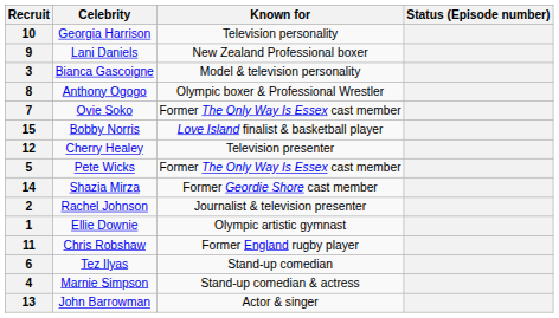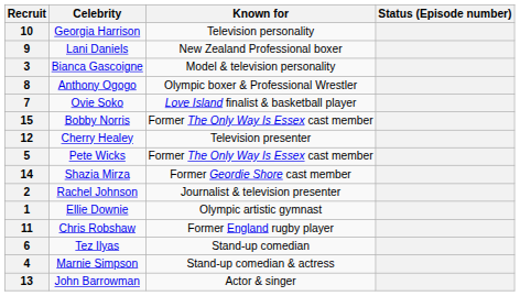 <table class="wikitable sortable" style="text-align:center;">
 <tr>
 <th>Recruit</th>
 <th>Celebrity</th>
 <th>Known for</th>
 <th>Status (Episode number)</th>
 </tr>
 <tr>
 <th>10</th>
 <td><a href='#'>Georgia Harrison</a></td>
 <td>Television personality</td>
 <th></th>
 </tr>
 <tr>
 <th>9</th>
 <td><a href='#'>Lani Daniels</a></td>
 <td>New Zealand Professional boxer</td>
 <th></th>
 </tr>
 <tr>
 <th>3</th>
 <td><a href='#'>Bianca Gascoigne</a></td>
 <td>Model & television personality</td>
 <th></th>
 </tr>
 <tr>
 <th>8</th>
 <td><a href='#'>Anthony Ogogo</a></td>
 <td>Olympic boxer & Professional Wrestler</td>
 <th></th>
 </tr>
 <tr>
 <th>7</th>
 <td><a href='#'>Ovie Soko</a></td>
-<td>Former <em><a href='#'>The Only Way Is Essex</a></em> cast member</td>
+<td><em><a href='#'>Love Island</a></em> finalist & basketball player</td>
 <th></th>
 </tr>
 <tr>
 <th>15</th>
 <td><a href='#'>Bobby Norris</a></td>
-<td><em><a href='#'>Love Island</a></em> finalist & basketball player</td>
+<td>Former <em><a href='#'>The Only Way Is Essex</a></em> cast member</td>
 <th></th>
 </tr>
 <tr>
 <th>12</th>
 <td><a href='#'>Cherry Healey</a></td>
 <td>Television presenter</td>
 <th></th>
 </tr>
 <tr>
 <th>5</th>
 <td><a href='#'>Pete Wicks</a></td>
 <td>Former <em><a href='#'>The Only Way Is Essex</a></em> cast member</td>
 <th></th>
 </tr>
 <tr>
 <th>14</th>
 <td><a href='#'>Shazia Mirza</a></td>
 <td>Former <em><a href='#'>Geordie Shore</a></em> cast member</td>
 <th></th>
 </tr>
 <tr>
 <th>2</th>
 <td><a href='#'>Rachel Johnson</a></td>
 <td>Journalist & television presenter</td>
 <th></th>
 </tr>
 <tr>
 <th>1</th>
 <td><a href='#'>Ellie Downie</a></td>
 <td>Olympic artistic gymnast</td>
 <th></th>
 </tr>
 <tr>
 <th>11</th>
 <td><a href='#'>Chris Robshaw</a></td>
 <td>Former <a href='#'>England</a> rugby player</td>
 <th></th>
 </tr>
 <tr>
 <th>6</th>
 <td><a href='#'>Tez Ilyas</a></td>
 <td>Stand-up comedian</td>
 <th></th>
 </tr>
 <tr>
 <th>4</th>
 <td><a href='#'>Marnie Simpson</a></td>
 <td>Stand-up comedian & actress</td>
 <th></th>
 </tr>
 <tr>
 <th>13</th>
 <td><a href='#'>John Barrowman</a></td>
 <td>Actor & singer</td>
 <th></th>
 </tr>
 </table>
